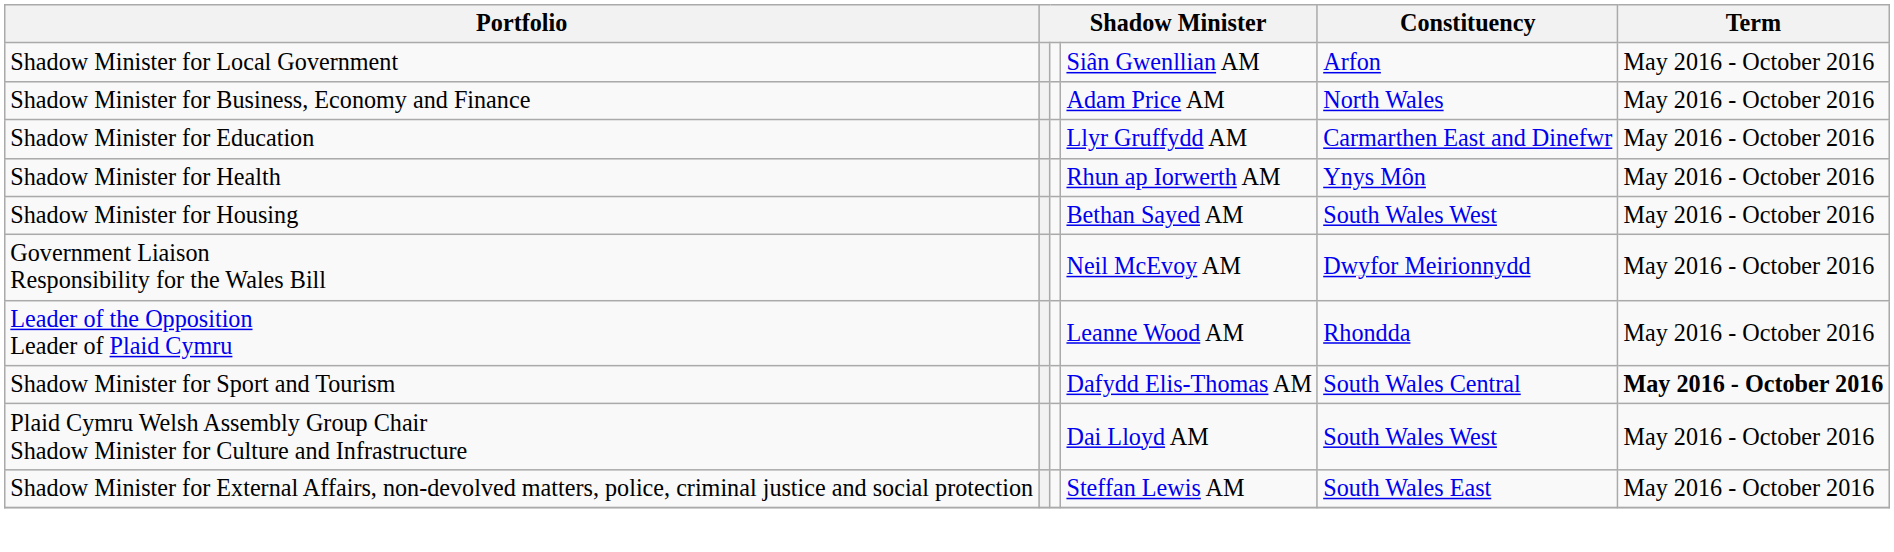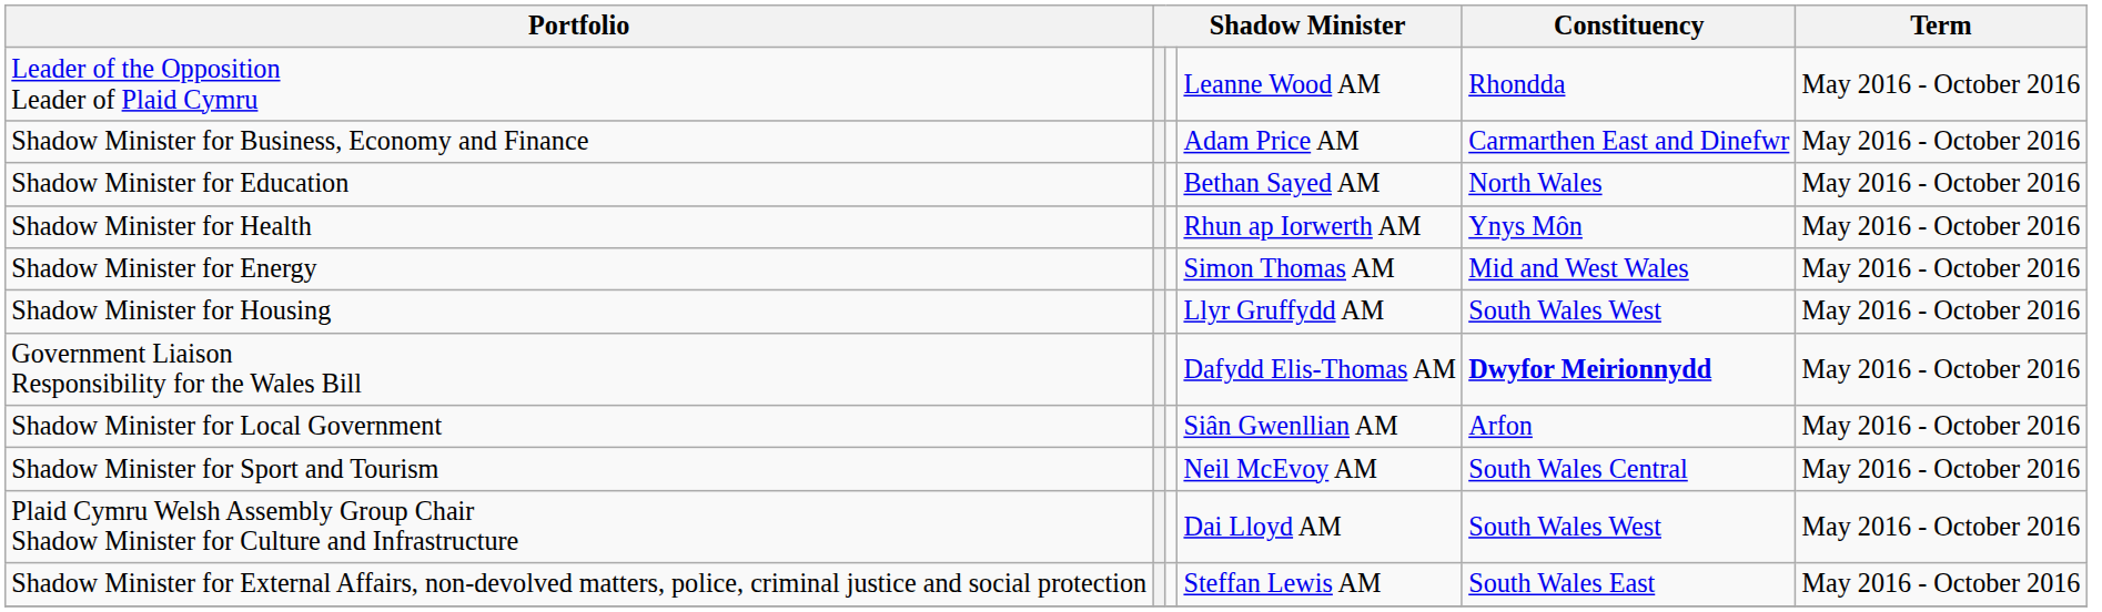 <table class="wikitable">
 <tr>
 <th colspan="1">Portfolio</th>
 <th colspan="3">Shadow Minister</th>
 <th colspan="1">Constituency</th>
 <th colspan="1">Term</th>
 </tr>
 <tr>
-<td>Shadow Minister for Local Government</td>
+<td><a href='#'>Leader of the Opposition</a><br>Leader of <a href='#'>Plaid Cymru</a></td>
 <th style="background: "></th>
 <td></td>
-<td><a href='#'>Siân Gwenllian</a> AM</td>
-<td><a href='#'>Arfon</a></td>
+<td><a href='#'>Leanne Wood</a> AM</td>
+<td><a href='#'>Rhondda</a></td>
 <td>May 2016 - October 2016</td>
 </tr>
 <tr>
 <td>Shadow Minister for Business, Economy and Finance</td>
 <th style="background: "></th>
 <td></td>
 <td><a href='#'>Adam Price</a> AM</td>
-<td><a href='#'>North Wales</a></td>
+<td><a href='#'>Carmarthen East and Dinefwr</a></td>
 <td>May 2016 - October 2016</td>
 </tr>
 <tr>
 <td>Shadow Minister for Education</td>
 <th style="background: "></th>
 <td></td>
-<td><a href='#'>Llyr Gruffydd</a> AM</td>
-<td><a href='#'>Carmarthen East and Dinefwr</a></td>
+<td><a href='#'>Bethan Sayed</a> AM</td>
+<td><a href='#'>North Wales</a></td>
 <td>May 2016 - October 2016</td>
 </tr>
 <tr>
 <td>Shadow Minister for Health</td>
 <th style="background: "></th>
 <td></td>
 <td><a href='#'>Rhun ap Iorwerth</a> AM</td>
 <td><a href='#'>Ynys Môn</a></td>
 <td>May 2016 - October 2016</td>
 </tr>
 <tr>
+<td>Shadow Minister for Energy</td>
+<th style="background: "></th>
+<td></td>
+<td><a href='#'>Simon Thomas</a> AM</td>
+<td><a href='#'>Mid and West Wales</a></td>
+<td>May 2016 - October 2016</td>
+</tr>
+<tr>
 <td>Shadow Minister for Housing</td>
 <th style="background: "></th>
 <td></td>
-<td><a href='#'>Bethan Sayed</a> AM</td>
+<td><a href='#'>Llyr Gruffydd</a> AM</td>
 <td><a href='#'>South Wales West</a></td>
 <td>May 2016 - October 2016</td>
 </tr>
 <tr>
 <td>Government Liaison <br> Responsibility for the Wales Bill</td>
 <th style="background: "></th>
 <td></td>
-<td><a href='#'>Neil McEvoy</a> AM</td>
-<td><a href='#'>Dwyfor Meirionnydd</a></td>
+<td><a href='#'>Dafydd Elis-Thomas</a> AM</td>
+<td><strong><a href='#'>Dwyfor Meirionnydd</a></strong></td>
 <td>May 2016 - October 2016</td>
 </tr>
 <tr>
-<td><a href='#'>Leader of the Opposition</a><br>Leader of <a href='#'>Plaid Cymru</a></td>
+<td>Shadow Minister for Local Government</td>
 <th style="background: "></th>
 <td></td>
-<td><a href='#'>Leanne Wood</a> AM</td>
-<td><a href='#'>Rhondda</a></td>
+<td><a href='#'>Siân Gwenllian</a> AM</td>
+<td><a href='#'>Arfon</a></td>
 <td>May 2016 - October 2016</td>
 </tr>
 <tr>
 <td>Shadow Minister for Sport and Tourism</td>
 <th style="background: "></th>
 <td></td>
-<td><a href='#'>Dafydd Elis-Thomas</a> AM</td>
+<td><a href='#'>Neil McEvoy</a> AM</td>
 <td><a href='#'>South Wales Central</a></td>
-<td><strong>May 2016 - October 2016</strong></td>
+<td>May 2016 - October 2016</td>
 </tr>
 <tr>
 <td>Plaid Cymru Welsh Assembly Group Chair <br>Shadow Minister for Culture and Infrastructure</td>
 <th style="background: "></th>
 <td></td>
 <td><a href='#'>Dai Lloyd</a> AM</td>
 <td><a href='#'>South Wales West</a></td>
 <td>May 2016 - October 2016</td>
 </tr>
 <tr>
 <td>Shadow Minister for External Affairs, non-devolved matters, police, criminal justice and social protection</td>
 <th style="background: "></th>
 <td></td>
 <td><a href='#'>Steffan Lewis</a> AM</td>
 <td><a href='#'>South Wales East</a></td>
 <td>May 2016 - October 2016</td>
 </tr>
 <tr>
 </tr>
 </table>
